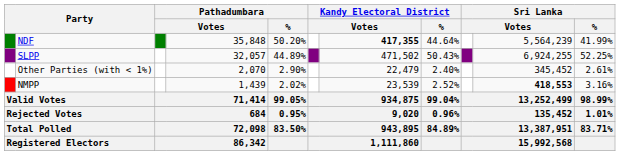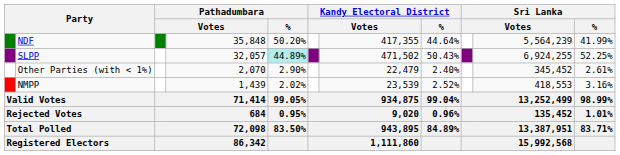 <table class="wikitable">
 <tr>
 <th colspan="2" width="144px"rowspan="2">Party</th>
 <th colspan="3" width="216px">Pathadumbara</th>
 <th colspan="3" width="216px"><a href='#'>Kandy Electoral District</a></th>
 <th colspan="3" width="216px">Sri Lanka</th>
 </tr>
 <tr>
 <th colspan="2" width="144px">Votes</th>
 <th>%</th>
 <th colspan="2" width="144px">Votes</th>
 <th>%</th>
 <th colspan="2" width="144px">Votes</th>
 <th>%</th>
 </tr>
 <tr>
 <td style="background-color:green;" width="10px"></td>
 <td style="text-align:left;"><a href='#'>NDF</a></td>
 <td style="background-color:green;" width="10px"></td>
 <td style="text-align:right;">35,848</td>
 <td style="text-align:right;">50.20%</td>
 <td style="background-color:white;" width="10px"></td>
-<td style="text-align:right;"><strong>417,355</strong></td>
+<td style="text-align:right;">417,355</td>
 <td style="text-align:right;">44.64%</td>
 <td style="background-color:white;" width="10px"></td>
 <td style="text-align:right;">5,564,239</td>
 <td style="text-align:right;">41.99%</td>
 </tr>
 <tr>
 <td style="background-color:purple;" width="10px"></td>
 <td style="text-align:left;"><a href='#'>SLPP</a></td>
 <td style="background-color:white;" width="10px"></td>
 <td style="text-align:right;">32,057</td>
-<td style="text-align:right;">44.89%</td>
+<td style="background: paleturquoise; text-align:right;">44.89%</td>
 <td style="background-color:purple;" width="10px"></td>
 <td style="text-align:right;">471,502</td>
 <td style="text-align:right;">50.43%</td>
 <td style="background-color:purple;" width="10px"></td>
 <td style="text-align:right;">6,924,255</td>
 <td style="text-align:right;">52.25%</td>
 </tr>
 <tr>
 <td style="background-color:white;" width="10px"></td>
 <td style="text-align:left;">Other Parties (with < 1%)</td>
 <td style="background-color:white;" width="10px"></td>
 <td style="text-align:right;">2,070</td>
 <td style="text-align:right;">2.90%</td>
 <td style="background-color:white;" width="10px"></td>
 <td style="text-align:right;">22,479</td>
 <td style="text-align:right;">2.40%</td>
 <td style="background-color:white;" width="10px"></td>
 <td style="text-align:right;">345,452</td>
 <td style="text-align:right;">2.61%</td>
 </tr>
 <tr>
 <td style="background-color:red;" width="10px"></td>
 <td style="text-align:left;">NMPP</td>
 <td style="background-color:white;" width="10px"></td>
 <td style="text-align:right;">1,439</td>
 <td style="text-align:right;">2.02%</td>
 <td style="background-color:white;" width="10px"></td>
 <td style="text-align:right;">23,539</td>
 <td style="text-align:right;">2.52%</td>
 <td style="background-color:white;" width="10px"></td>
-<td style="text-align:right;"><strong>418,553</strong></td>
+<td style="text-align:right;">418,553</td>
 <td style="text-align:right;">3.16%</td>
 </tr>
 <tr>
 <th colspan="2" width="144px"style="text-align:left;">Valid Votes</th>
 <th style="text-align:right;"colspan="2" width="144px">71,414</th>
 <th style="text-align:right;">99.05%</th>
 <th style="text-align:right;"colspan="2" width="144px">934,875</th>
 <th style="text-align:right;">99.04%</th>
 <th style="text-align:right;"colspan="2" width="144px">13,252,499</th>
 <th style="text-align:right;">98.99%</th>
 </tr>
 <tr>
 <th colspan="2" width="144px"style="text-align:left;">Rejected Votes</th>
 <th style="text-align:right;"colspan="2" width="144px">684</th>
 <th style="text-align:right;">0.95%</th>
 <th style="text-align:right;"colspan="2" width="144px">9,020</th>
 <th style="text-align:right;">0.96%</th>
 <th style="text-align:right;"colspan="2" width="144px">135,452</th>
 <th style="text-align:right;">1.01%</th>
 </tr>
 <tr>
 <th colspan="2" width="144px"style="text-align:left;">Total Polled</th>
 <th style="text-align:right;"colspan="2" width="144px">72,098</th>
 <th style="text-align:right;">83.50%</th>
 <th style="text-align:right;"colspan="2" width="144px">943,895</th>
 <th style="text-align:right;">84.89%</th>
 <th style="text-align:right;"colspan="2" width="144px">13,387,951</th>
 <th style="text-align:right;">83.71%</th>
 </tr>
 <tr>
 <th colspan="2" width="144px"style="text-align:left;">Registered Electors</th>
 <th style="text-align:right;"colspan="2" width="144px">86,342</th>
 <th></th>
 <th style="text-align:right;"colspan="2" width="144px">1,111,860</th>
 <th></th>
 <th style="text-align:right;"colspan="2" width="144px">15,992,568</th>
 <th></th>
 </tr>
 </table>
